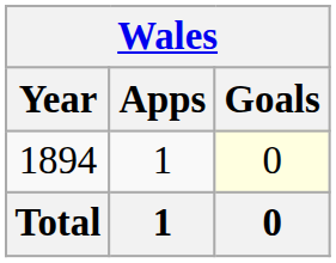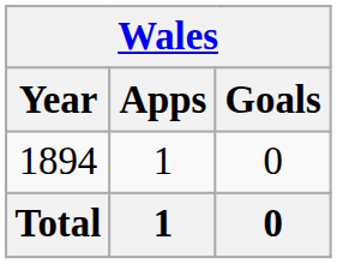 <table class="wikitable" style="text-align:center">
 <tr>
 <th colspan=3><a href='#'>Wales</a></th>
 </tr>
 <tr>
 <th>Year</th>
 <th>Apps</th>
 <th>Goals</th>
 </tr>
 <tr>
 <td>1894</td>
 <td>1</td>
-<td style="background: lightyellow;">0</td>
+<td>0</td>
 </tr>
 <tr>
 <th>Total</th>
 <th>1</th>
 <th>0</th>
 </tr>
 </table>
